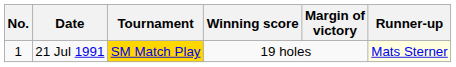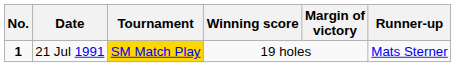 <table class="wikitable" style="font-size:95%;">
 <tr>
 <th>No.</th>
 <th>Date</th>
 <th>Tournament</th>
 <th>Winning score</th>
 <th>Margin of<br>victory</th>
 <th>Runner-up</th>
 </tr>
 <tr>
-<td align=center>1</td>
+<td align=center><strong>1</strong></td>
 <td align=right>21 Jul <a href='#'>1991</a></td>
 <td style="background: gold;"><a href='#'>SM Match Play</a></td>
 <td colspan=2 align=center>19 holes</td>
-<td style="background: lightyellow;"> <a href='#'>Mats Sterner</a></td>
+<td> <a href='#'>Mats Sterner</a></td>
 </tr>
 </table>
